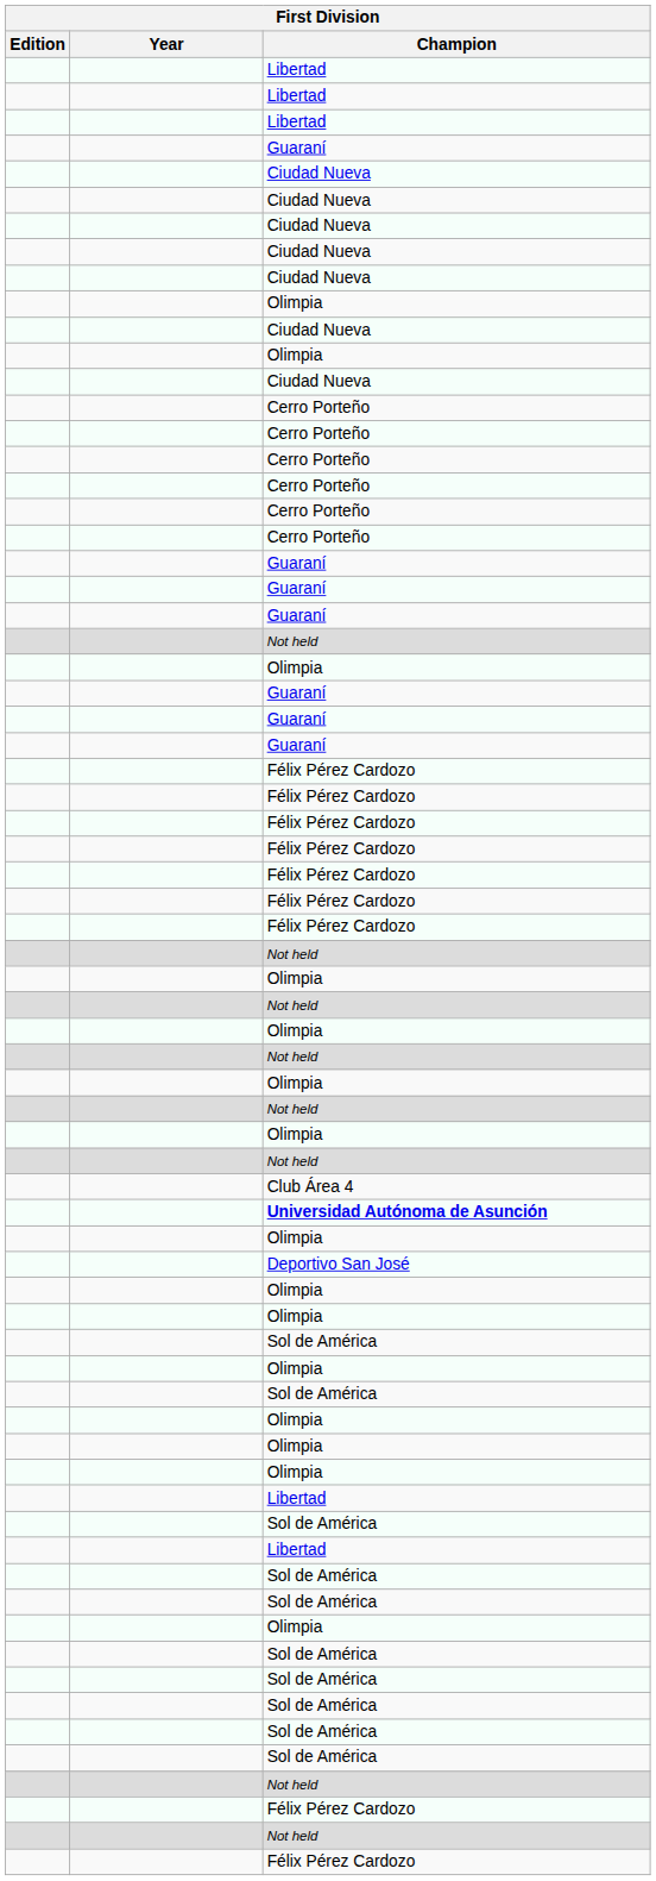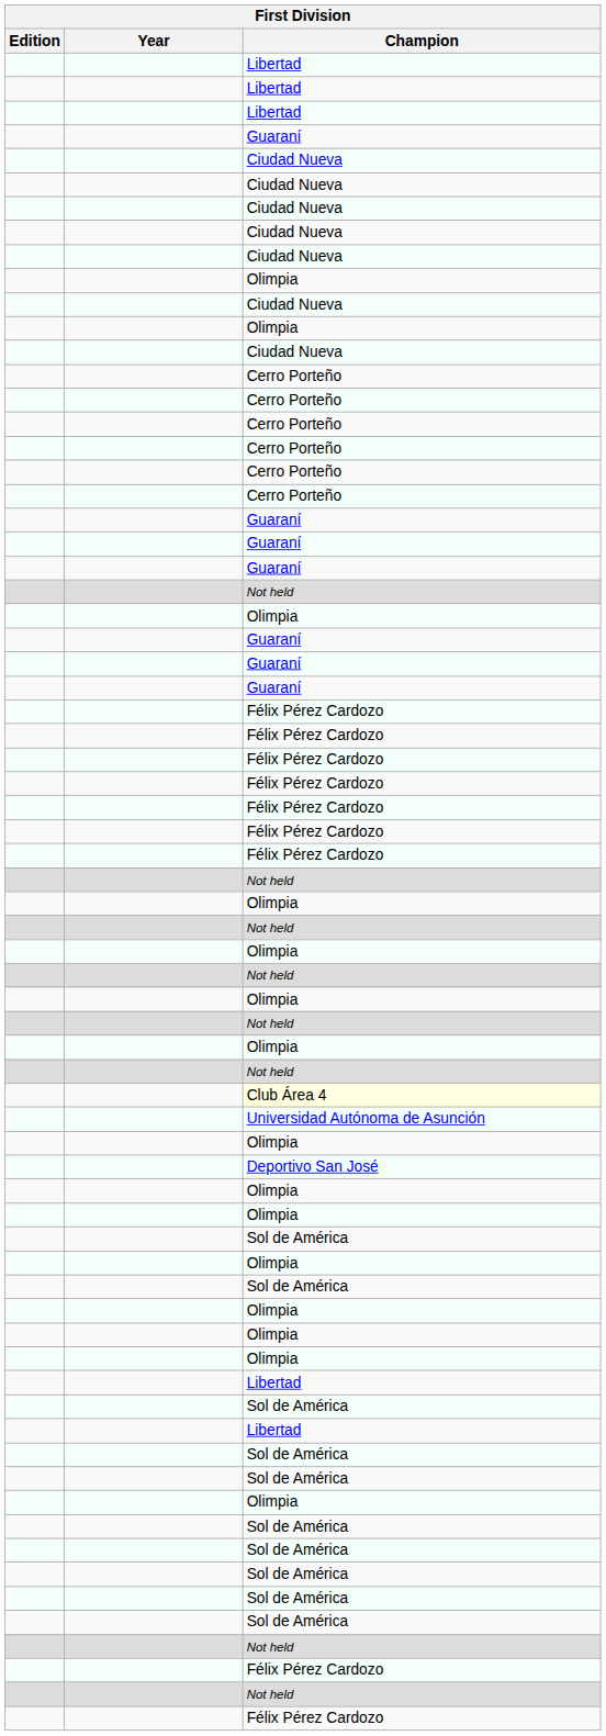 <table class="wikitable" width="50%">
 <tr>
 <th colspan="6"><strong>First Division</strong></th>
 </tr>
 <tr>
 <th width="10%">Edition</th>
 <th width="30%">Year</th>
 <th width="60%">Champion</th>
 </tr>
 <tr bgcolor="F5FFFA">
 <td></td>
 <td></td>
 <td><a href='#'>Libertad</a></td>
 </tr>
 <tr>
 <td></td>
 <td></td>
 <td><a href='#'>Libertad</a></td>
 </tr>
 <tr bgcolor="F5FFFA">
 <td></td>
 <td></td>
 <td><a href='#'>Libertad</a></td>
 </tr>
 <tr>
 <td></td>
 <td></td>
 <td><a href='#'>Guaraní</a></td>
 </tr>
 <tr bgcolor="F5FFFA">
 <td></td>
 <td></td>
 <td><a href='#'>Ciudad Nueva</a></td>
 </tr>
 <tr>
 <td></td>
 <td></td>
 <td>Ciudad Nueva</td>
 </tr>
 <tr bgcolor="F5FFFA">
 <td></td>
 <td></td>
 <td>Ciudad Nueva</td>
 </tr>
 <tr>
 <td></td>
 <td></td>
 <td>Ciudad Nueva</td>
 </tr>
 <tr bgcolor="F5FFFA">
 <td></td>
 <td></td>
 <td>Ciudad Nueva</td>
 </tr>
 <tr>
 <td></td>
 <td></td>
 <td>Olimpia</td>
 </tr>
 <tr bgcolor="F5FFFA">
 <td></td>
 <td></td>
 <td>Ciudad Nueva</td>
 </tr>
 <tr>
 <td></td>
 <td></td>
 <td>Olimpia</td>
 </tr>
 <tr bgcolor="F5FFFA">
 <td></td>
 <td></td>
 <td>Ciudad Nueva</td>
 </tr>
 <tr>
 <td></td>
 <td></td>
 <td>Cerro Porteño</td>
 </tr>
 <tr bgcolor="F5FFFA">
 <td></td>
 <td></td>
 <td>Cerro Porteño</td>
 </tr>
 <tr>
 <td></td>
 <td></td>
 <td>Cerro Porteño</td>
 </tr>
 <tr bgcolor="F5FFFA">
 <td></td>
 <td></td>
 <td>Cerro Porteño</td>
 </tr>
 <tr>
 <td></td>
 <td></td>
 <td>Cerro Porteño</td>
 </tr>
 <tr bgcolor="F5FFFA">
 <td></td>
 <td></td>
 <td>Cerro Porteño</td>
 </tr>
 <tr>
 <td></td>
 <td></td>
 <td><a href='#'>Guaraní</a></td>
 </tr>
 <tr bgcolor="F5FFFA">
 <td></td>
 <td></td>
 <td><a href='#'>Guaraní</a></td>
 </tr>
 <tr>
 <td></td>
 <td></td>
 <td><a href='#'>Guaraní</a></td>
 </tr>
 <tr bgcolor="DCDCDC">
 <td></td>
 <td></td>
 <td><small><em>Not held</em></small></td>
 </tr>
 <tr bgcolor="F5FFFA">
 <td></td>
 <td></td>
 <td>Olimpia</td>
 </tr>
 <tr>
 <td></td>
 <td></td>
 <td><a href='#'>Guaraní</a></td>
 </tr>
 <tr bgcolor="F5FFFA">
 <td></td>
 <td></td>
 <td><a href='#'>Guaraní</a></td>
 </tr>
 <tr>
 <td></td>
 <td></td>
 <td><a href='#'>Guaraní</a></td>
 </tr>
 <tr bgcolor="F5FFFA">
 <td></td>
 <td></td>
 <td>Félix Pérez Cardozo</td>
 </tr>
 <tr>
 <td></td>
 <td></td>
 <td>Félix Pérez Cardozo</td>
 </tr>
 <tr bgcolor="F5FFFA">
 <td></td>
 <td></td>
 <td>Félix Pérez Cardozo</td>
 </tr>
 <tr>
 <td></td>
 <td></td>
 <td>Félix Pérez Cardozo</td>
 </tr>
 <tr bgcolor="F5FFFA">
 <td></td>
 <td></td>
 <td>Félix Pérez Cardozo</td>
 </tr>
 <tr>
 <td></td>
 <td></td>
 <td>Félix Pérez Cardozo</td>
 </tr>
 <tr bgcolor="F5FFFA">
 <td></td>
 <td></td>
 <td>Félix Pérez Cardozo</td>
 </tr>
 <tr bgcolor="DCDCDC">
 <td></td>
 <td></td>
 <td><small><em>Not held</em></small></td>
 </tr>
 <tr>
 <td></td>
 <td></td>
 <td>Olimpia</td>
 </tr>
 <tr bgcolor="DCDCDC">
 <td></td>
 <td></td>
 <td><small><em>Not held</em></small></td>
 </tr>
 <tr bgcolor="F5FFFA">
 <td></td>
 <td></td>
 <td>Olimpia</td>
 </tr>
 <tr bgcolor="DCDCDC">
 <td></td>
 <td></td>
 <td><small><em>Not held</em></small></td>
 </tr>
 <tr>
 <td></td>
 <td></td>
 <td>Olimpia</td>
 </tr>
 <tr bgcolor="DCDCDC">
 <td></td>
 <td></td>
 <td><small><em>Not held</em></small></td>
 </tr>
 <tr bgcolor="F5FFFA">
 <td></td>
 <td></td>
 <td>Olimpia</td>
 </tr>
 <tr bgcolor="DCDCDC">
 <td></td>
 <td></td>
 <td><small><em>Not held</em></small></td>
 </tr>
 <tr>
 <td></td>
 <td></td>
-<td>Club Área 4</td>
+<td style="background: lightyellow;">Club Área 4</td>
 </tr>
 <tr bgcolor="F5FFFA">
 <td></td>
 <td></td>
-<td><strong><a href='#'>Universidad Autónoma de Asunción</a></strong></td>
+<td><a href='#'>Universidad Autónoma de Asunción</a></td>
 </tr>
 <tr>
 <td></td>
 <td></td>
 <td>Olimpia</td>
 </tr>
 <tr bgcolor="F5FFFA">
 <td></td>
 <td></td>
 <td><a href='#'>Deportivo San José</a></td>
 </tr>
 <tr>
 <td></td>
 <td></td>
 <td>Olimpia</td>
 </tr>
 <tr bgcolor="F5FFFA">
 <td></td>
 <td></td>
 <td>Olimpia</td>
 </tr>
 <tr>
 <td></td>
 <td></td>
 <td>Sol de América</td>
 </tr>
 <tr bgcolor="F5FFFA">
 <td></td>
 <td></td>
 <td>Olimpia</td>
 </tr>
 <tr>
 <td></td>
 <td></td>
 <td>Sol de América</td>
 </tr>
 <tr bgcolor="F5FFFA">
 <td></td>
 <td></td>
 <td>Olimpia</td>
 </tr>
 <tr>
 <td></td>
 <td></td>
 <td>Olimpia</td>
 </tr>
 <tr bgcolor="F5FFFA">
 <td></td>
 <td></td>
 <td>Olimpia</td>
 </tr>
 <tr>
 <td></td>
 <td></td>
 <td><a href='#'>Libertad</a></td>
 </tr>
 <tr bgcolor="F5FFFA">
 <td></td>
 <td></td>
 <td>Sol de América</td>
 </tr>
 <tr>
 <td></td>
 <td></td>
 <td><a href='#'>Libertad</a></td>
 </tr>
 <tr bgcolor="F5FFFA">
 <td></td>
 <td></td>
 <td>Sol de América</td>
 </tr>
 <tr>
 <td></td>
 <td></td>
 <td>Sol de América</td>
 </tr>
 <tr bgcolor="F5FFFA">
 <td></td>
 <td></td>
 <td>Olimpia</td>
 </tr>
 <tr bgcolor="">
 <td></td>
 <td></td>
 <td>Sol de América</td>
 </tr>
 <tr bgcolor="F5FFFA">
 <td></td>
 <td></td>
 <td>Sol de América</td>
 </tr>
 <tr bgcolor="">
 <td></td>
 <td></td>
 <td>Sol de América</td>
 </tr>
 <tr bgcolor="F5FFFA">
 <td></td>
 <td></td>
 <td>Sol de América</td>
 </tr>
 <tr bgcolor="">
 <td></td>
 <td></td>
 <td>Sol de América</td>
 </tr>
 <tr bgcolor="DCDCDC">
 <td></td>
 <td></td>
 <td><small><em>Not held</em></small></td>
 </tr>
 <tr bgcolor="F5FFFA">
 <td></td>
 <td></td>
 <td>Félix Pérez Cardozo</td>
 </tr>
 <tr bgcolor="DCDCDC">
 <td></td>
 <td></td>
 <td><small><em>Not held</em></small></td>
 </tr>
 <tr bgcolor="">
 <td></td>
 <td></td>
 <td>Félix Pérez Cardozo</td>
 </tr>
 </table>
